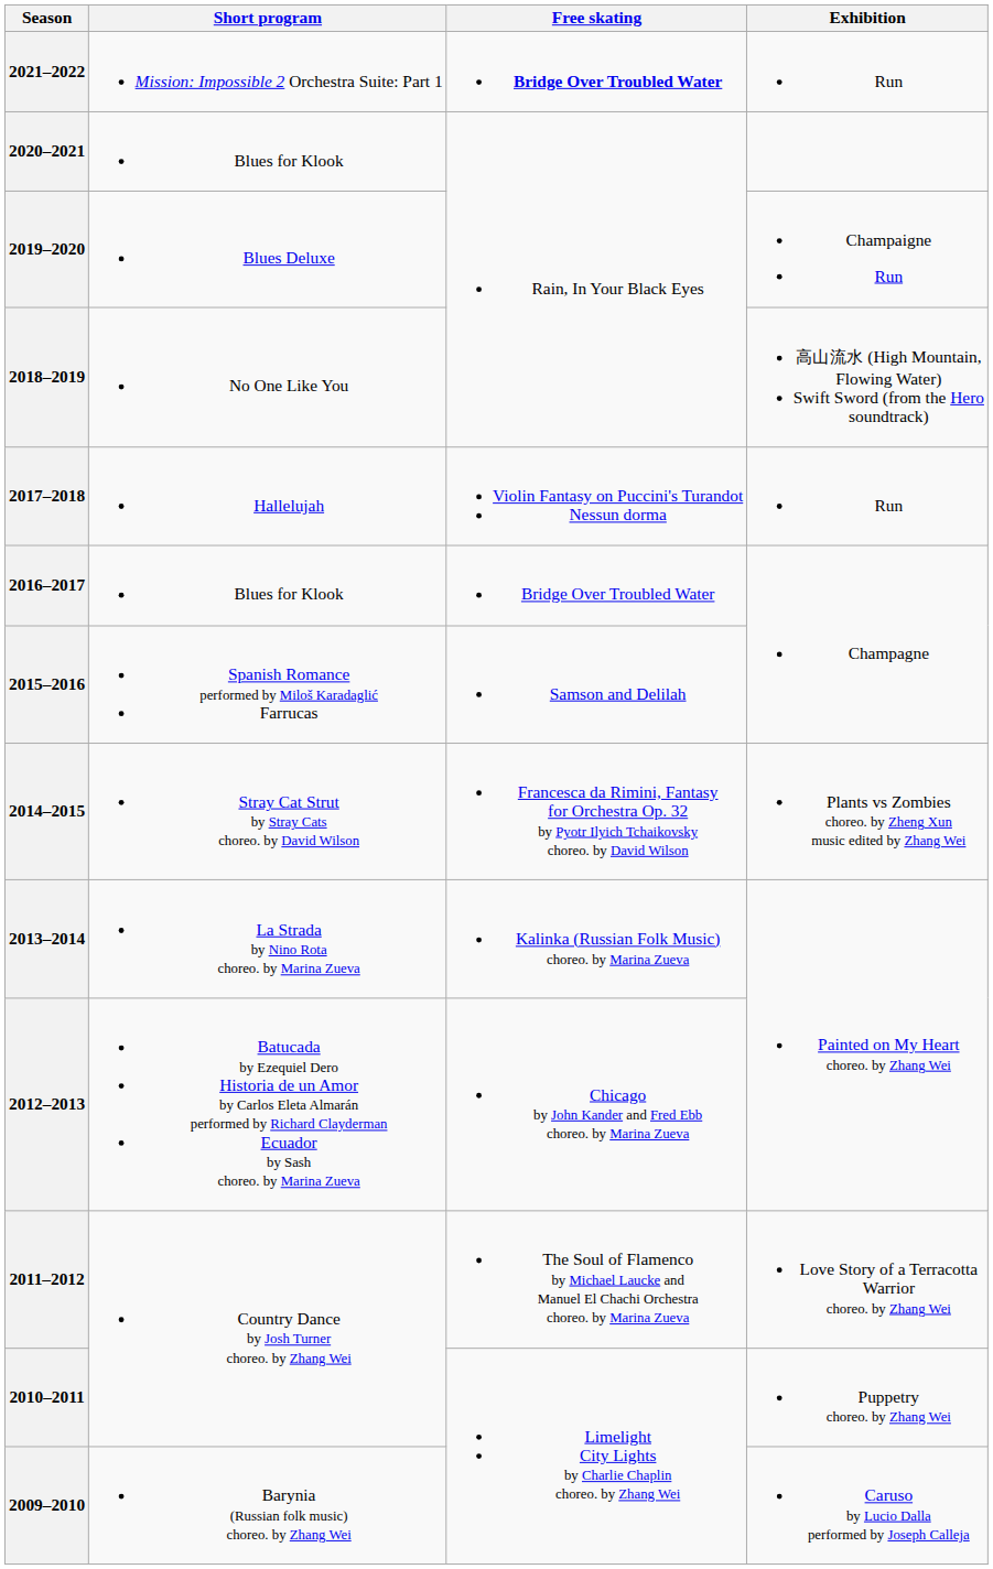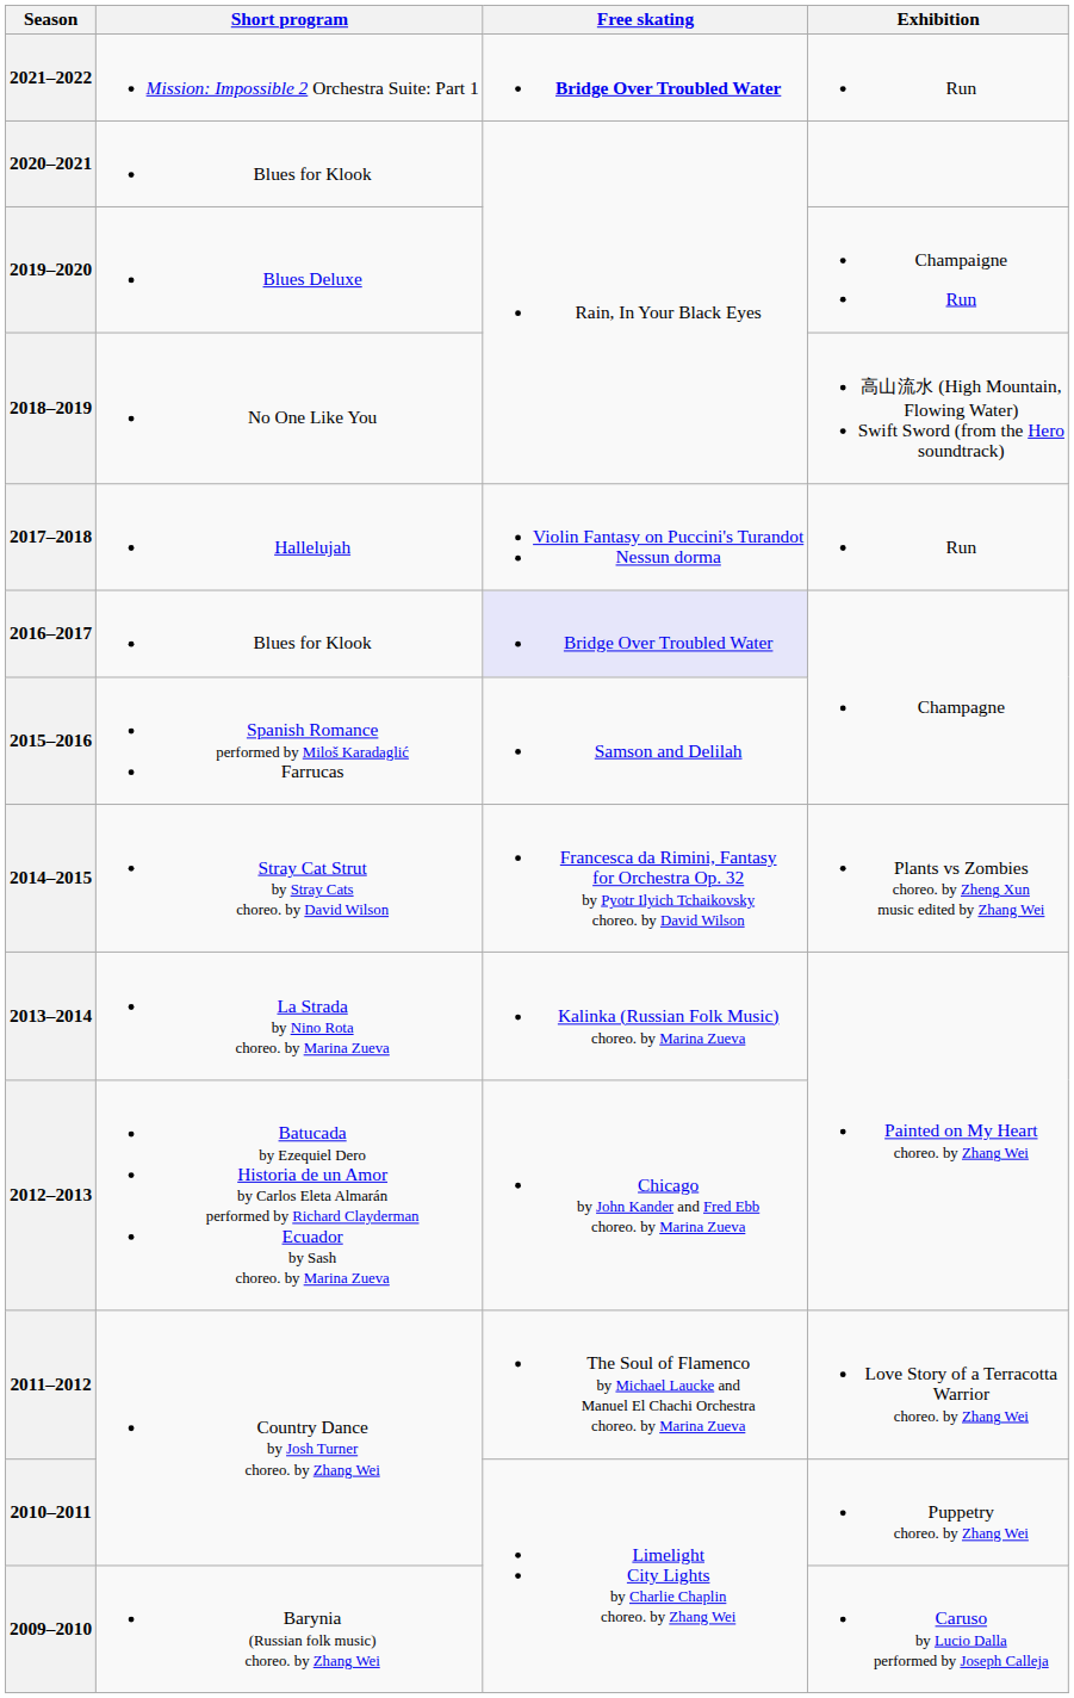 <table class="wikitable" style="text-align:center">
 <tr>
 <th>Season</th>
 <th><a href='#'>Short program</a></th>
 <th><a href='#'>Free skating</a></th>
 <th>Exhibition</th>
 </tr>
 <tr>
 <th>2021–2022<br></th>
 <td><br><ul><li><em><a href='#'>Mission: Impossible 2</a></em> Orchestra Suite: Part 1<br></li></ul></td>
 <td><strong><br><ul><li><a href='#'>Bridge Over Troubled Water</a><br></li></ul></strong></td>
 <td><br><ul><li>Run<br></li></ul></td>
 </tr>
 <tr>
 <th>2020–2021<br></th>
 <td><br><ul><li>Blues for Klook<br></li></ul></td>
 <td rowspan="3"><br><ul><li>Rain, In Your Black Eyes<br></li></ul></td>
 <td></td>
 </tr>
 <tr>
 <th>2019–2020<br></th>
 <td><br><ul><li><a href='#'>Blues Deluxe</a><br></li></ul></td>
 <td><br><ul><li>Champaigne<br></li></ul><ul><li><a href='#'>Run</a><br></li></ul></td>
 </tr>
 <tr>
 <th>2018–2019 <br></th>
 <td><br><ul><li>No One Like You <br></li></ul></td>
 <td><br><ul><li>高山流水 (High Mountain, <br> Flowing Water)</li><li>Swift Sword (from the <a href='#'>Hero</a> <br> soundtrack) <br></li></ul></td>
 </tr>
 <tr>
 <th>2017–2018<br></th>
 <td><br><ul><li><a href='#'>Hallelujah</a><br></li></ul></td>
 <td><br><ul><li><a href='#'>Violin Fantasy on Puccini's Turandot</a><br></li><li><a href='#'>Nessun dorma</a><br></li></ul></td>
 <td><br><ul><li>Run<br></li></ul></td>
 </tr>
 <tr>
 <th>2016–2017<br></th>
 <td><br><ul><li>Blues for Klook<br></li></ul></td>
-<td><br><ul><li><a href='#'>Bridge Over Troubled Water</a><br></li></ul></td>
+<td style="background: lavender;"><br><ul><li><a href='#'>Bridge Over Troubled Water</a><br></li></ul></td>
 <td rowspan="2"><br><ul><li>Champagne<br></li></ul></td>
 </tr>
 <tr>
 <th>2015–2016<br></th>
 <td><br><ul><li><a href='#'>Spanish Romance</a><br><small>performed by <a href='#'>Miloš Karadaglić</a> </small></li><li>Farrucas<br></li></ul></td>
 <td><br><ul><li><a href='#'>Samson and Delilah</a><br><small> </small></li></ul></td>
 </tr>
 <tr>
 <th>2014–2015<br></th>
 <td><br><ul><li><a href='#'>Stray Cat Strut</a> <br><small>by <a href='#'>Stray Cats</a></small><br><small> choreo. by <a href='#'>David Wilson</a> </small></li></ul></td>
 <td><br><ul><li><a href='#'>Francesca da Rimini, Fantasy<br>for Orchestra Op. 32</a><br><small>by <a href='#'>Pyotr Ilyich Tchaikovsky</a></small><br><small>choreo. by <a href='#'>David Wilson</a> </small></li></ul></td>
 <td><br><ul><li>Plants vs Zombies<br><small> choreo. by <a href='#'>Zheng Xun</a> </small><br><small> music edited by <a href='#'>Zhang Wei</a> </small></li></ul></td>
 </tr>
 <tr>
 <th>2013–2014<br></th>
 <td><br><ul><li><a href='#'>La Strada</a><br><small> by <a href='#'>Nino Rota</a><br>choreo. by <a href='#'>Marina Zueva</a> </small></li></ul></td>
 <td><br><ul><li><a href='#'>Kalinka (Russian Folk Music)</a><br><small> choreo. by <a href='#'>Marina Zueva</a> </small></li></ul></td>
 <td rowspan="2"><br><ul><li><a href='#'>Painted on My Heart</a><br><small> choreo. by <a href='#'>Zhang Wei</a> </small></li></ul></td>
 </tr>
 <tr>
 <th>2012–2013<br></th>
 <td><br><ul><li><a href='#'>Batucada</a><br><small> by Ezequiel Dero </small></li><li><a href='#'>Historia de un Amor</a><br><small> by Carlos Eleta Almarán<br>performed by <a href='#'>Richard Clayderman</a> </small></li><li><a href='#'>Ecuador</a><br><small> by Sash <br>choreo. by <a href='#'>Marina Zueva</a> </small></li></ul></td>
 <td><br><ul><li><a href='#'>Chicago</a><br><small> by <a href='#'>John Kander</a> and <a href='#'>Fred Ebb</a> <br>choreo. by <a href='#'>Marina Zueva</a> </small></li></ul></td>
 </tr>
 <tr>
 <th>2011–2012<br></th>
 <td rowspan="2"><br><ul><li>Country Dance<br><small> by <a href='#'>Josh Turner</a><br>choreo. by <a href='#'>Zhang Wei</a> </small></li></ul></td>
 <td><br><ul><li>The Soul of Flamenco<br><small> by <a href='#'>Michael Laucke</a> and<br>Manuel El Chachi Orchestra<br>choreo. by <a href='#'>Marina Zueva</a> </small></li></ul></td>
 <td><br><ul><li>Love Story of a Terracotta<br>Warrior<br><small> choreo. by <a href='#'>Zhang Wei</a> </small></li></ul></td>
 </tr>
 <tr>
 <th>2010–2011<br></th>
 <td rowspan="2"><br><ul><li><a href='#'>Limelight</a></li><li><a href='#'>City Lights</a> <br><small> by <a href='#'>Charlie Chaplin</a> <br> choreo. by <a href='#'>Zhang Wei</a> </small></li></ul></td>
 <td><br><ul><li>Puppetry<br><small> choreo. by <a href='#'>Zhang Wei</a> </small></li></ul></td>
 </tr>
 <tr>
 <th>2009–2010<br></th>
 <td><br><ul><li>Barynia<br><small> (Russian folk music)<br>choreo. by <a href='#'>Zhang Wei</a> </small></li></ul></td>
 <td><br><ul><li><a href='#'>Caruso</a><br><small> by <a href='#'>Lucio Dalla</a><br>performed by <a href='#'>Joseph Calleja</a></small></li></ul></td>
 </tr>
 </table>
